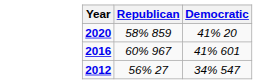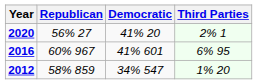 <table class="wikitable" style="float:right; font-size:95%;">
 <tr bgcolor=lightgrey>
 <th>Year</th>
 <th><a href='#'>Republican</a></th>
 <th><a href='#'>Democratic</a></th>
+<th><a href='#'>Third Parties</a></th>
 </tr>
 <tr>
 <td style="text-align:center; "><strong><a href='#'>2020</a></strong></td>
-<td style="text-align:center; "><em>58%</em> <em>859</em></td>
+<td style="text-align:center; "><em>56%</em> <em>27</em></td>
 <td style="text-align:center; "><em>41%</em> <em>20</em></td>
+<td style="text-align:center; background:honeyDew;"><em>2%</em> <em>1</em></td>
 </tr>
 <tr>
 <td style="text-align:center; "><strong><a href='#'>2016</a></strong></td>
 <td style="text-align:center; "><em>60%</em> <em>967</em></td>
 <td style="text-align:center; "><em>41%</em> <em>601</em></td>
+<td style="text-align:center; background:honeyDew;"><em>6%</em> <em>95</em></td>
 </tr>
 <tr>
 <td style="text-align:center; "><strong><a href='#'>2012</a></strong></td>
-<td style="text-align:center; "><em>56%</em> <em>27</em></td>
+<td style="text-align:center; "><em>58%</em> <em>859</em></td>
 <td style="text-align:center; "><em>34%</em> <em>547</em></td>
+<td style="text-align:center; background:honeyDew;"><em>1%</em> <em>20</em></td>
 </tr>
 </table>
